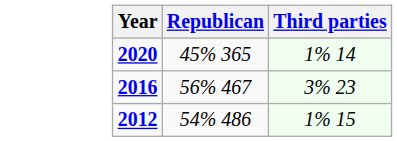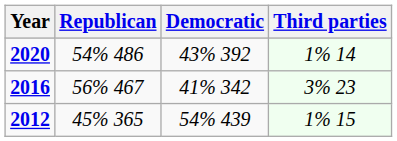 <table class="wikitable" style="float:right; font-size:95%;">
 <tr bgcolor=lightgrey>
 <th>Year</th>
 <th><a href='#'>Republican</a></th>
+<th><a href='#'>Democratic</a></th>
 <th><a href='#'>Third parties</a></th>
 </tr>
 <tr>
 <td style="text-align:center; "><strong><a href='#'>2020</a></strong></td>
-<td style="text-align:center; "><em>45%</em> <em>365</em></td>
+<td style="text-align:center; "><em>54%</em> <em>486</em></td>
+<td style="text-align:center; "><em>43%</em> <em>392</em></td>
 <td style="text-align:center; background:honeyDew;"><em>1%</em> <em>14</em></td>
 </tr>
 <tr>
 <td style="text-align:center; "><strong><a href='#'>2016</a></strong></td>
 <td style="text-align:center; "><em>56%</em> <em>467</em></td>
+<td style="text-align:center; "><em>41%</em> <em>342</em></td>
 <td style="text-align:center; background:honeyDew;"><em>3%</em> <em>23</em></td>
 </tr>
 <tr>
 <td style="text-align:center; "><strong><a href='#'>2012</a></strong></td>
-<td style="text-align:center; "><em>54%</em> <em>486</em></td>
+<td style="text-align:center; "><em>45%</em> <em>365</em></td>
+<td style="text-align:center; "><em>54%</em> <em>439</em></td>
 <td style="text-align:center; background:honeyDew;"><em>1%</em> <em>15</em></td>
 </tr>
 </table>
